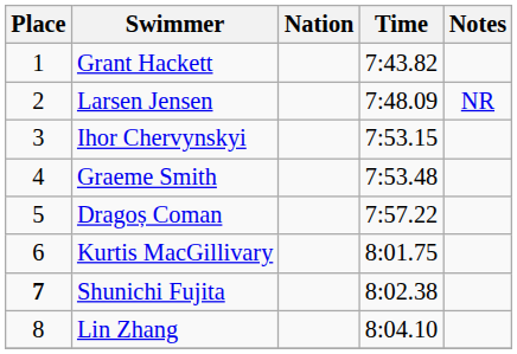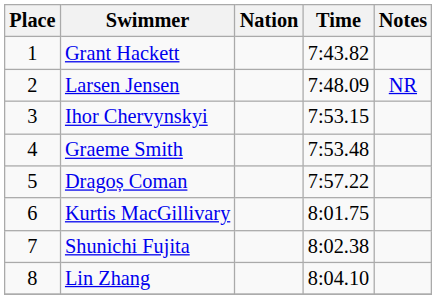 <table class="wikitable sortable" style="text-align:center">
 <tr>
 <th>Place</th>
 <th>Swimmer</th>
 <th>Nation</th>
 <th>Time</th>
 <th>Notes</th>
 </tr>
 <tr>
 <td>1</td>
 <td align=left><a href='#'>Grant Hackett</a></td>
 <td align=left></td>
 <td>7:43.82</td>
 <td></td>
 </tr>
 <tr>
 <td>2</td>
 <td align=left><a href='#'>Larsen Jensen</a></td>
 <td align=left></td>
 <td>7:48.09</td>
 <td><a href='#'>NR</a></td>
 </tr>
 <tr>
 <td>3</td>
 <td align=left><a href='#'>Ihor Chervynskyi</a></td>
 <td align=left></td>
 <td>7:53.15</td>
 <td></td>
 </tr>
 <tr>
 <td>4</td>
 <td align=left><a href='#'>Graeme Smith</a></td>
 <td align=left></td>
 <td>7:53.48</td>
 <td></td>
 </tr>
 <tr>
 <td>5</td>
 <td align=left><a href='#'>Dragoș Coman</a></td>
 <td align=left></td>
 <td>7:57.22</td>
 <td></td>
 </tr>
 <tr>
 <td>6</td>
 <td align=left><a href='#'>Kurtis MacGillivary</a></td>
 <td align=left></td>
 <td>8:01.75</td>
 <td></td>
 </tr>
 <tr>
-<td><strong>7</strong></td>
+<td>7</td>
 <td align=left><a href='#'>Shunichi Fujita</a></td>
 <td align=left></td>
 <td>8:02.38</td>
 <td></td>
 </tr>
 <tr>
 <td>8</td>
 <td align=left><a href='#'>Lin Zhang</a></td>
 <td align=left></td>
 <td>8:04.10</td>
 <td></td>
 </tr>
 <tr>
 </tr>
 </table>
